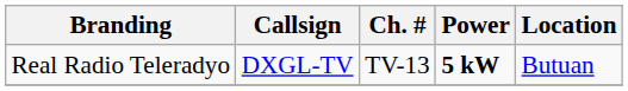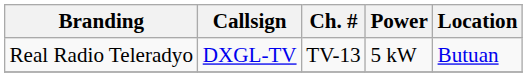 <table class="wikitable">
 <tr>
 <th>Branding</th>
 <th>Callsign</th>
 <th>Ch. #</th>
 <th>Power</th>
 <th>Location</th>
 </tr>
 <tr>
 <td>Real Radio Teleradyo</td>
 <td><a href='#'>DXGL-TV</a></td>
 <td>TV-13</td>
-<td><strong>5 kW</strong></td>
+<td>5 kW</td>
 <td><a href='#'>Butuan</a></td>
 </tr>
 <tr>
 </tr>
 </table>
